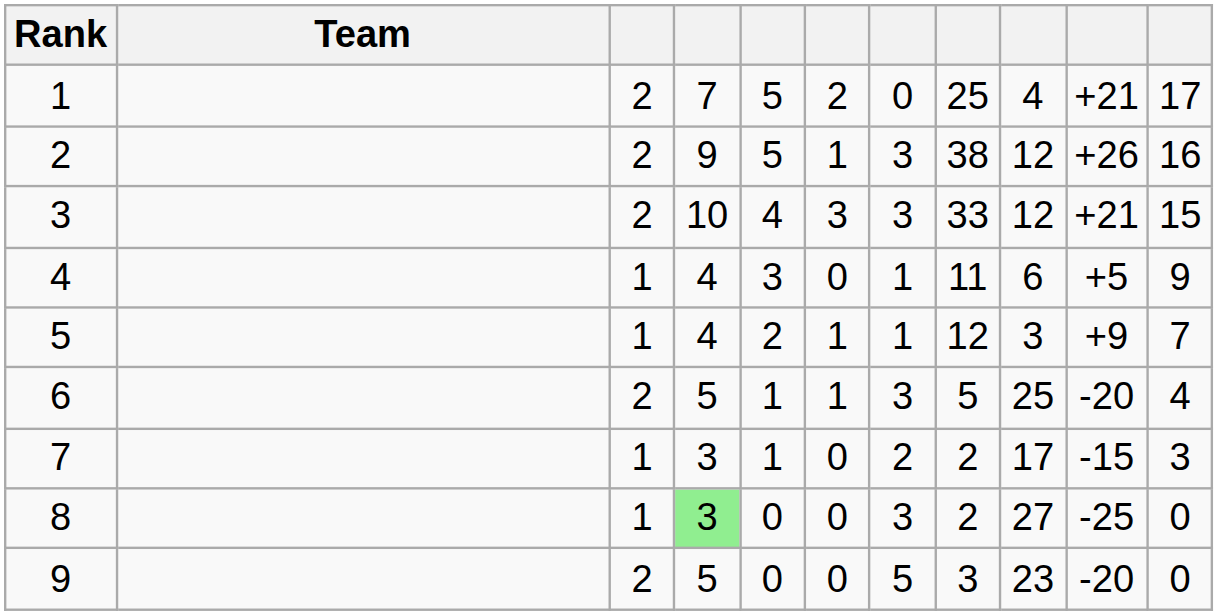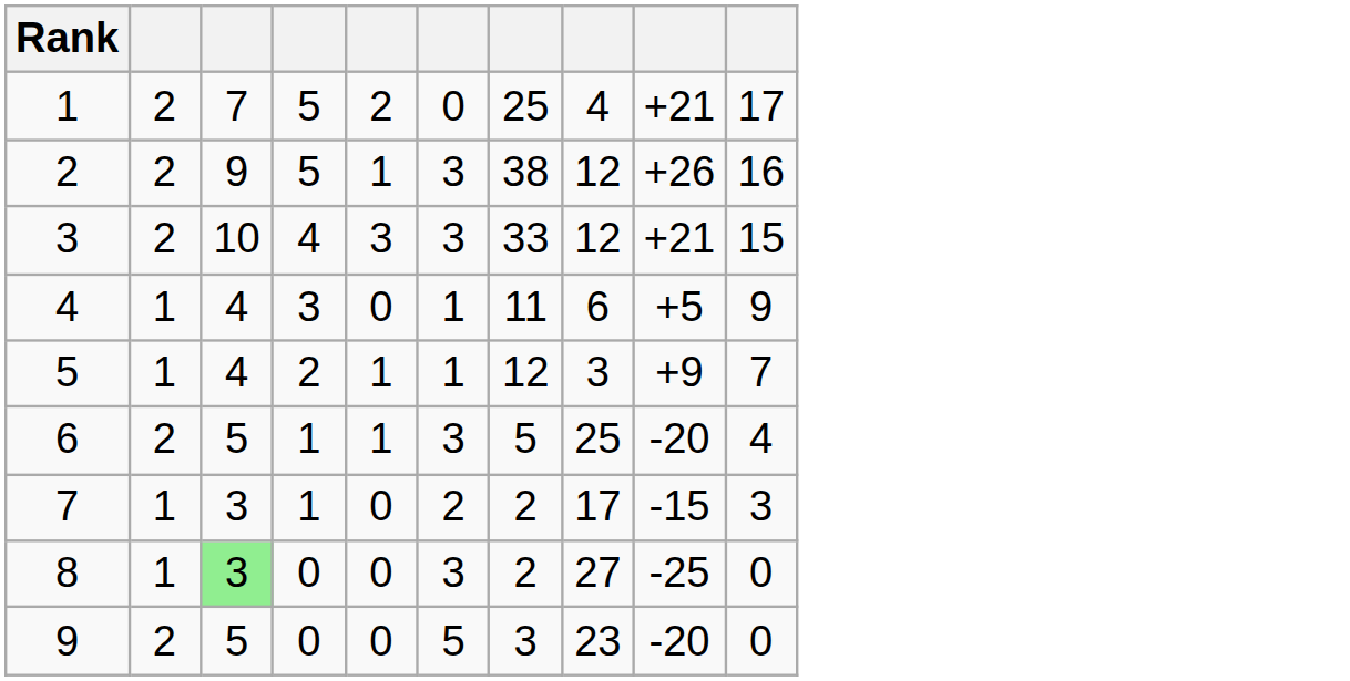 <table class="wikitable sortable" style="text-align:center">
 <tr>
 <th width=20>Rank</th>
-<th width=200>Team</th>
 <th width=20></th>
 <th width=20></th>
 <th width=20></th>
 <th width=20></th>
 <th width=20></th>
 <th width=20></th>
 <th width=20></th>
 <th width=20></th>
 <th width=20></th>
 </tr>
 <tr>
 <td>1</td>
-<td align="left"></td>
 <td>2</td>
 <td>7</td>
 <td>5</td>
 <td>2</td>
 <td>0</td>
 <td>25</td>
 <td>4</td>
 <td>+21</td>
 <td>17</td>
 </tr>
 <tr>
 <td>2</td>
-<td align="left"></td>
 <td>2</td>
 <td>9</td>
 <td>5</td>
 <td>1</td>
 <td>3</td>
 <td>38</td>
 <td>12</td>
 <td>+26</td>
 <td>16</td>
 </tr>
 <tr>
 <td>3</td>
-<td align="left"></td>
 <td>2</td>
 <td>10</td>
 <td>4</td>
 <td>3</td>
 <td>3</td>
 <td>33</td>
 <td>12</td>
 <td>+21</td>
 <td>15</td>
 </tr>
 <tr>
 <td>4</td>
-<td align="left"></td>
 <td>1</td>
 <td>4</td>
 <td>3</td>
 <td>0</td>
 <td>1</td>
 <td>11</td>
 <td>6</td>
 <td>+5</td>
 <td>9</td>
 </tr>
 <tr>
 <td>5</td>
-<td align="left"></td>
 <td>1</td>
 <td>4</td>
 <td>2</td>
 <td>1</td>
 <td>1</td>
 <td>12</td>
 <td>3</td>
 <td>+9</td>
 <td>7</td>
 </tr>
 <tr>
 <td>6</td>
-<td align="left"></td>
 <td>2</td>
 <td>5</td>
 <td>1</td>
 <td>1</td>
 <td>3</td>
 <td>5</td>
 <td>25</td>
 <td>-20</td>
 <td>4</td>
 </tr>
 <tr>
 <td>7</td>
-<td align="left"></td>
 <td>1</td>
 <td>3</td>
 <td>1</td>
 <td>0</td>
 <td>2</td>
 <td>2</td>
 <td>17</td>
 <td>-15</td>
 <td>3</td>
 </tr>
 <tr>
 <td>8</td>
-<td align="left"></td>
 <td>1</td>
 <td style="background: lightgreen;">3</td>
 <td>0</td>
 <td>0</td>
 <td>3</td>
 <td>2</td>
 <td>27</td>
 <td>-25</td>
 <td>0</td>
 </tr>
 <tr>
 <td>9</td>
-<td align="left"></td>
 <td>2</td>
 <td>5</td>
 <td>0</td>
 <td>0</td>
 <td>5</td>
 <td>3</td>
 <td>23</td>
 <td>-20</td>
 <td>0</td>
 </tr>
 </table>
